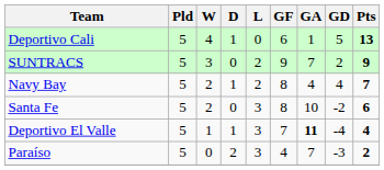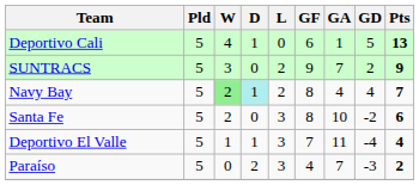 <table class="wikitable" style="text-align: center">
 <tr>
 <th width="175">Team</th>
 <th width="20">Pld</th>
 <th width="20">W</th>
 <th width="20">D</th>
 <th width="20">L</th>
 <th width="20">GF</th>
 <th width="20">GA</th>
 <th width="20">GD</th>
 <th width="20">Pts</th>
 </tr>
 <tr bgcolor=#CCFFCC>
 <td align=left><a href='#'>Deportivo Cali</a></td>
 <td>5</td>
 <td>4</td>
 <td>1</td>
 <td>0</td>
 <td>6</td>
 <td>1</td>
 <td>5</td>
 <td><strong>13</strong></td>
 </tr>
 <tr bgcolor=#CCFFCC>
 <td align=left><a href='#'>SUNTRACS</a></td>
 <td>5</td>
 <td>3</td>
 <td>0</td>
 <td>2</td>
 <td>9</td>
 <td>7</td>
 <td>2</td>
 <td><strong>9</strong></td>
 </tr>
 <tr>
 <td align=left><a href='#'>Navy Bay</a></td>
 <td>5</td>
-<td>2</td>
-<td>1</td>
+<td style="background: lightgreen;">2</td>
+<td style="background: paleturquoise;">1</td>
 <td>2</td>
 <td>8</td>
 <td>4</td>
 <td>4</td>
 <td><strong>7</strong></td>
 </tr>
 <tr>
 <td align=left><a href='#'>Santa Fe</a></td>
 <td>5</td>
 <td>2</td>
 <td>0</td>
 <td>3</td>
 <td>8</td>
 <td>10</td>
 <td>-2</td>
 <td><strong>6</strong></td>
 </tr>
 <tr>
 <td align=left><a href='#'>Deportivo El Valle</a></td>
 <td>5</td>
 <td>1</td>
 <td>1</td>
 <td>3</td>
 <td>7</td>
-<td><strong>11</strong></td>
+<td>11</td>
 <td>-4</td>
 <td><strong>4</strong></td>
 </tr>
 <tr>
 <td align=left><a href='#'>Paraíso</a></td>
 <td>5</td>
 <td>0</td>
 <td>2</td>
 <td>3</td>
 <td>4</td>
 <td>7</td>
 <td>-3</td>
 <td><strong>2</strong></td>
 </tr>
 <tr>
 </tr>
 </table>
